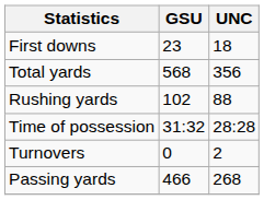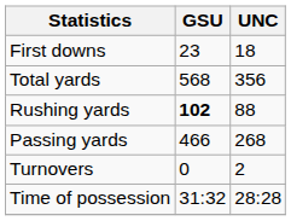 <table class="wikitable" style="float: left;">
 <tr>
 <th>Statistics</th>
 <th>GSU</th>
 <th>UNC</th>
 </tr>
 <tr>
 <td>First downs</td>
 <td>23</td>
 <td>18</td>
 </tr>
 <tr>
 <td>Total yards</td>
 <td>568</td>
 <td>356</td>
 </tr>
 <tr>
 <td>Rushing yards</td>
-<td>102</td>
+<td><strong>102</strong></td>
 <td>88</td>
+</tr>
+<tr>
+<td>Passing yards</td>
+<td>466</td>
+<td>268</td>
+</tr>
+<tr>
+<td>Turnovers</td>
+<td>0</td>
+<td>2</td>
 </tr>
 <tr>
 <td>Time of possession</td>
 <td>31:32</td>
 <td>28:28</td>
 </tr>
 <tr>
-<td>Turnovers</td>
-<td>0</td>
-<td>2</td>
-</tr>
-<tr>
-<td>Passing yards</td>
-<td>466</td>
-<td>268</td>
-</tr>
-<tr>
 </tr>
 </table>
